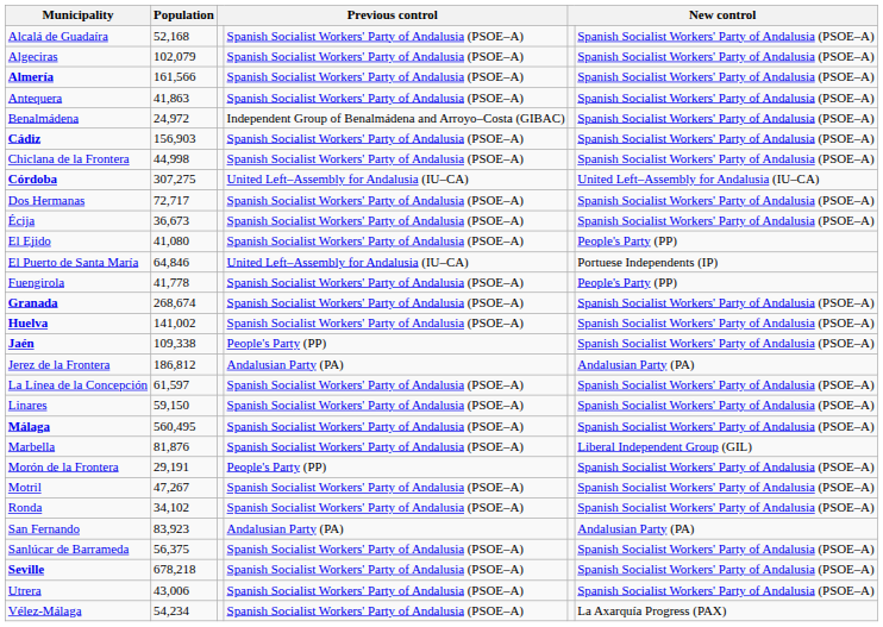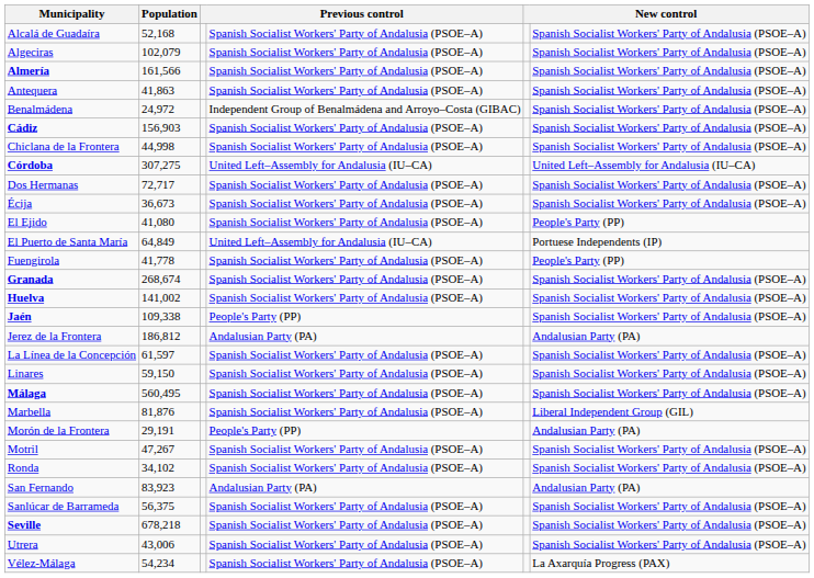 <table class="wikitable sortable">
 <tr>
 <th>Municipality</th>
 <th>Population</th>
 <th colspan="2" style="width:375px;">Previous control</th>
 <th colspan="2" style="width:375px;">New control</th>
 </tr>
 <tr>
 <td><a href='#'>Alcalá de Guadaíra</a></td>
 <td>52,168</td>
 <td width="1" style="color:inherit;background:"></td>
 <td><a href='#'>Spanish Socialist Workers' Party of Andalusia</a> (PSOE–A)</td>
 <td width="1" style="color:inherit;background:"></td>
 <td><a href='#'>Spanish Socialist Workers' Party of Andalusia</a> (PSOE–A)</td>
 </tr>
 <tr>
 <td><a href='#'>Algeciras</a></td>
 <td>102,079</td>
 <td style="color:inherit;background:"></td>
 <td><a href='#'>Spanish Socialist Workers' Party of Andalusia</a> (PSOE–A)</td>
 <td style="color:inherit;background:"></td>
 <td><a href='#'>Spanish Socialist Workers' Party of Andalusia</a> (PSOE–A)</td>
 </tr>
 <tr>
 <td><strong><a href='#'>Almería</a></strong></td>
 <td>161,566</td>
 <td style="color:inherit;background:"></td>
 <td><a href='#'>Spanish Socialist Workers' Party of Andalusia</a> (PSOE–A)</td>
 <td style="color:inherit;background:"></td>
 <td><a href='#'>Spanish Socialist Workers' Party of Andalusia</a> (PSOE–A)</td>
 </tr>
 <tr>
 <td><a href='#'>Antequera</a></td>
 <td>41,863</td>
 <td style="color:inherit;background:"></td>
 <td><a href='#'>Spanish Socialist Workers' Party of Andalusia</a> (PSOE–A)</td>
 <td style="color:inherit;background:"></td>
 <td><a href='#'>Spanish Socialist Workers' Party of Andalusia</a> (PSOE–A)</td>
 </tr>
 <tr>
 <td><a href='#'>Benalmádena</a></td>
 <td>24,972</td>
 <td style="color:inherit;background:"></td>
 <td>Independent Group of Benalmádena and Arroyo–Costa (GIBAC)</td>
 <td style="color:inherit;background:"></td>
 <td><a href='#'>Spanish Socialist Workers' Party of Andalusia</a> (PSOE–A)</td>
 </tr>
 <tr>
 <td><strong><a href='#'>Cádiz</a></strong></td>
 <td>156,903</td>
 <td style="color:inherit;background:"></td>
 <td><a href='#'>Spanish Socialist Workers' Party of Andalusia</a> (PSOE–A)</td>
 <td style="color:inherit;background:"></td>
 <td><a href='#'>Spanish Socialist Workers' Party of Andalusia</a> (PSOE–A)</td>
 </tr>
 <tr>
 <td><a href='#'>Chiclana de la Frontera</a></td>
 <td>44,998</td>
 <td style="color:inherit;background:"></td>
 <td><a href='#'>Spanish Socialist Workers' Party of Andalusia</a> (PSOE–A)</td>
 <td style="color:inherit;background:"></td>
 <td><a href='#'>Spanish Socialist Workers' Party of Andalusia</a> (PSOE–A)</td>
 </tr>
 <tr>
 <td><strong><a href='#'>Córdoba</a></strong></td>
 <td>307,275</td>
 <td style="color:inherit;background:"></td>
 <td><a href='#'>United Left–Assembly for Andalusia</a> (IU–CA)</td>
 <td style="color:inherit;background:"></td>
 <td><a href='#'>United Left–Assembly for Andalusia</a> (IU–CA)</td>
 </tr>
 <tr>
 <td><a href='#'>Dos Hermanas</a></td>
 <td>72,717</td>
 <td style="color:inherit;background:"></td>
 <td><a href='#'>Spanish Socialist Workers' Party of Andalusia</a> (PSOE–A)</td>
 <td style="color:inherit;background:"></td>
 <td><a href='#'>Spanish Socialist Workers' Party of Andalusia</a> (PSOE–A)</td>
 </tr>
 <tr>
 <td><a href='#'>Écija</a></td>
 <td>36,673</td>
 <td style="color:inherit;background:"></td>
 <td><a href='#'>Spanish Socialist Workers' Party of Andalusia</a> (PSOE–A)</td>
 <td style="color:inherit;background:"></td>
 <td><a href='#'>Spanish Socialist Workers' Party of Andalusia</a> (PSOE–A)</td>
 </tr>
 <tr>
 <td><a href='#'>El Ejido</a></td>
 <td>41,080</td>
 <td style="color:inherit;background:"></td>
 <td><a href='#'>Spanish Socialist Workers' Party of Andalusia</a> (PSOE–A)</td>
 <td style="color:inherit;background:"></td>
 <td><a href='#'>People's Party</a> (PP)</td>
 </tr>
 <tr>
 <td><a href='#'>El Puerto de Santa María</a></td>
-<td>64,846</td>
+<td>64,849</td>
 <td style="color:inherit;background:"></td>
 <td><a href='#'>United Left–Assembly for Andalusia</a> (IU–CA)</td>
 <td style="color:inherit;background:"></td>
 <td>Portuese Independents (IP)</td>
 </tr>
 <tr>
 <td><a href='#'>Fuengirola</a></td>
 <td>41,778</td>
 <td style="color:inherit;background:"></td>
 <td><a href='#'>Spanish Socialist Workers' Party of Andalusia</a> (PSOE–A)</td>
 <td style="color:inherit;background:"></td>
 <td><a href='#'>People's Party</a> (PP) </td>
 </tr>
 <tr>
 <td><strong><a href='#'>Granada</a></strong></td>
 <td>268,674</td>
 <td style="color:inherit;background:"></td>
 <td><a href='#'>Spanish Socialist Workers' Party of Andalusia</a> (PSOE–A)</td>
 <td style="color:inherit;background:"></td>
 <td><a href='#'>Spanish Socialist Workers' Party of Andalusia</a> (PSOE–A)</td>
 </tr>
 <tr>
 <td><strong><a href='#'>Huelva</a></strong></td>
 <td>141,002</td>
 <td style="color:inherit;background:"></td>
 <td><a href='#'>Spanish Socialist Workers' Party of Andalusia</a> (PSOE–A)</td>
 <td style="color:inherit;background:"></td>
 <td><a href='#'>Spanish Socialist Workers' Party of Andalusia</a> (PSOE–A)</td>
 </tr>
 <tr>
 <td><strong><a href='#'>Jaén</a></strong></td>
 <td>109,338</td>
 <td style="color:inherit;background:"></td>
 <td><a href='#'>People's Party</a> (PP)</td>
 <td style="color:inherit;background:"></td>
 <td><a href='#'>Spanish Socialist Workers' Party of Andalusia</a> (PSOE–A)</td>
 </tr>
 <tr>
 <td><a href='#'>Jerez de la Frontera</a></td>
 <td>186,812</td>
 <td style="color:inherit;background:"></td>
 <td><a href='#'>Andalusian Party</a> (PA)</td>
 <td style="color:inherit;background:"></td>
 <td><a href='#'>Andalusian Party</a> (PA) </td>
 </tr>
 <tr>
 <td><a href='#'>La Línea de la Concepción</a></td>
 <td>61,597</td>
 <td style="color:inherit;background:"></td>
 <td><a href='#'>Spanish Socialist Workers' Party of Andalusia</a> (PSOE–A)</td>
 <td style="color:inherit;background:"></td>
 <td><a href='#'>Spanish Socialist Workers' Party of Andalusia</a> (PSOE–A)</td>
 </tr>
 <tr>
 <td><a href='#'>Linares</a></td>
 <td>59,150</td>
 <td style="color:inherit;background:"></td>
 <td><a href='#'>Spanish Socialist Workers' Party of Andalusia</a> (PSOE–A)</td>
 <td style="color:inherit;background:"></td>
 <td><a href='#'>Spanish Socialist Workers' Party of Andalusia</a> (PSOE–A)</td>
 </tr>
 <tr>
 <td><strong><a href='#'>Málaga</a></strong></td>
 <td>560,495</td>
 <td style="color:inherit;background:"></td>
 <td><a href='#'>Spanish Socialist Workers' Party of Andalusia</a> (PSOE–A)</td>
 <td style="color:inherit;background:"></td>
 <td><a href='#'>Spanish Socialist Workers' Party of Andalusia</a> (PSOE–A)</td>
 </tr>
 <tr>
 <td><a href='#'>Marbella</a></td>
 <td>81,876</td>
 <td style="color:inherit;background:"></td>
 <td><a href='#'>Spanish Socialist Workers' Party of Andalusia</a> (PSOE–A)</td>
 <td style="color:inherit;background:"></td>
 <td><a href='#'>Liberal Independent Group</a> (GIL)</td>
 </tr>
 <tr>
 <td><a href='#'>Morón de la Frontera</a></td>
 <td>29,191</td>
 <td style="color:inherit;background:"></td>
 <td><a href='#'>People's Party</a> (PP)</td>
 <td style="color:inherit;background:"></td>
-<td><a href='#'>Spanish Socialist Workers' Party of Andalusia</a> (PSOE–A)</td>
+<td><a href='#'>Andalusian Party</a> (PA)</td>
 </tr>
 <tr>
 <td><a href='#'>Motril</a></td>
 <td>47,267</td>
 <td style="color:inherit;background:"></td>
 <td><a href='#'>Spanish Socialist Workers' Party of Andalusia</a> (PSOE–A)</td>
 <td style="color:inherit;background:"></td>
 <td><a href='#'>Spanish Socialist Workers' Party of Andalusia</a> (PSOE–A)</td>
 </tr>
 <tr>
 <td><a href='#'>Ronda</a></td>
 <td>34,102</td>
 <td style="color:inherit;background:"></td>
 <td><a href='#'>Spanish Socialist Workers' Party of Andalusia</a> (PSOE–A)</td>
 <td style="color:inherit;background:"></td>
 <td><a href='#'>Spanish Socialist Workers' Party of Andalusia</a> (PSOE–A)</td>
 </tr>
 <tr>
 <td><a href='#'>San Fernando</a></td>
 <td>83,923</td>
 <td style="color:inherit;background:"></td>
 <td><a href='#'>Andalusian Party</a> (PA)</td>
 <td style="color:inherit;background:"></td>
 <td><a href='#'>Andalusian Party</a> (PA)</td>
 </tr>
 <tr>
 <td><a href='#'>Sanlúcar de Barrameda</a></td>
 <td>56,375</td>
 <td style="color:inherit;background:"></td>
 <td><a href='#'>Spanish Socialist Workers' Party of Andalusia</a> (PSOE–A)</td>
 <td style="color:inherit;background:"></td>
 <td><a href='#'>Spanish Socialist Workers' Party of Andalusia</a> (PSOE–A)</td>
 </tr>
 <tr>
 <td><strong><a href='#'>Seville</a></strong></td>
 <td>678,218</td>
 <td style="color:inherit;background:"></td>
 <td><a href='#'>Spanish Socialist Workers' Party of Andalusia</a> (PSOE–A)</td>
 <td style="color:inherit;background:"></td>
 <td><a href='#'>Spanish Socialist Workers' Party of Andalusia</a> (PSOE–A)</td>
 </tr>
 <tr>
 <td><a href='#'>Utrera</a></td>
 <td>43,006</td>
 <td style="color:inherit;background:"></td>
 <td><a href='#'>Spanish Socialist Workers' Party of Andalusia</a> (PSOE–A)</td>
 <td style="color:inherit;background:"></td>
 <td><a href='#'>Spanish Socialist Workers' Party of Andalusia</a> (PSOE–A)</td>
 </tr>
 <tr>
 <td><a href='#'>Vélez-Málaga</a></td>
 <td>54,234</td>
 <td style="color:inherit;background:"></td>
 <td><a href='#'>Spanish Socialist Workers' Party of Andalusia</a> (PSOE–A)</td>
 <td style="color:inherit;background:"></td>
 <td>La Axarquía Progress (PAX) </td>
 </tr>
 </table>
